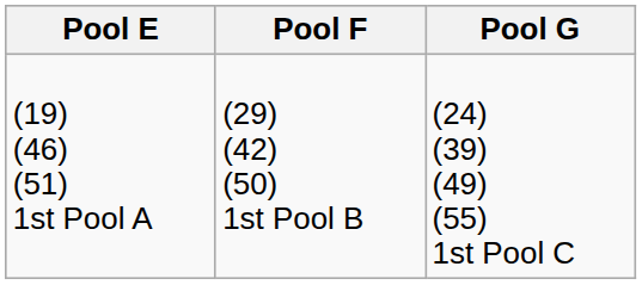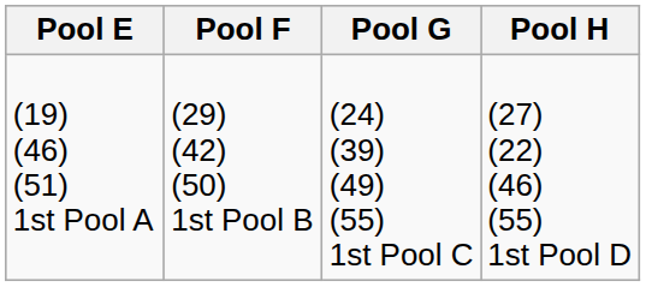 <table class="wikitable">
 <tr>
 <th width=25%>Pool E</th>
 <th width=25%>Pool F</th>
 <th width=25%>Pool G</th>
+<th width=25%>Pool H</th>
 </tr>
 <tr>
 <td valign=top><br> (19)<br>  (46)<br>  (51)<br> 1st Pool A</td>
 <td valign=top><br> (29)<br>  (42)<br>  (50)<br> 1st Pool B</td>
 <td><br> (24)<br>  (39)<br>  (49)<br>  (55)<br> 1st Pool C</td>
+<td><br> (27)<br>  (22)<br>  (46)<br>  (55)<br> 1st Pool D</td>
 </tr>
 </table>
